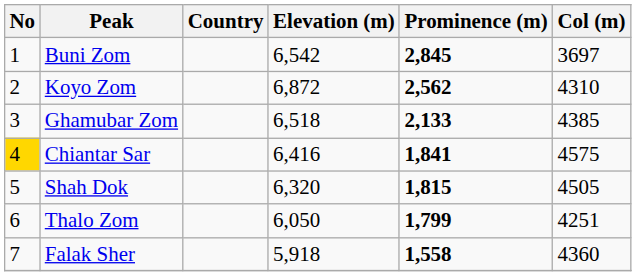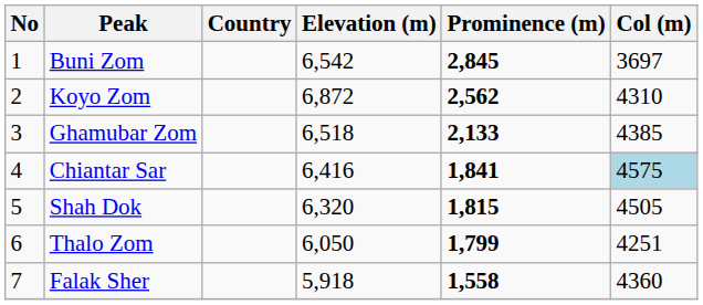 <table class="wikitable sortable">
 <tr>
 <th>No</th>
 <th>Peak</th>
 <th>Country</th>
 <th>Elevation (m)</th>
 <th>Prominence (m)</th>
 <th>Col (m)</th>
 </tr>
 <tr>
 <td>1</td>
 <td><a href='#'>Buni Zom</a></td>
 <td></td>
 <td>6,542</td>
 <td><strong>2,845</strong></td>
 <td>3697</td>
 </tr>
 <tr>
 <td>2</td>
 <td><a href='#'>Koyo Zom</a></td>
 <td></td>
 <td>6,872</td>
 <td><strong>2,562</strong></td>
 <td>4310</td>
 </tr>
 <tr>
 <td>3</td>
 <td><a href='#'>Ghamubar Zom</a></td>
 <td></td>
 <td>6,518</td>
 <td><strong>2,133</strong></td>
 <td>4385</td>
 </tr>
 <tr>
-<td style="background: gold;">4</td>
+<td>4</td>
 <td><a href='#'>Chiantar Sar</a></td>
 <td></td>
 <td>6,416</td>
 <td><strong>1,841</strong></td>
-<td>4575</td>
+<td style="background: lightblue;">4575</td>
 </tr>
 <tr>
 <td>5</td>
 <td><a href='#'>Shah Dok</a></td>
 <td></td>
 <td>6,320</td>
 <td><strong>1,815</strong></td>
 <td>4505</td>
 </tr>
 <tr>
 <td>6</td>
 <td><a href='#'>Thalo Zom</a></td>
 <td></td>
 <td>6,050</td>
 <td><strong>1,799</strong></td>
 <td>4251</td>
 </tr>
 <tr>
 <td>7</td>
 <td><a href='#'>Falak Sher</a></td>
 <td></td>
 <td>5,918</td>
 <td><strong>1,558</strong></td>
 <td>4360</td>
 </tr>
 <tr>
 </tr>
 </table>
